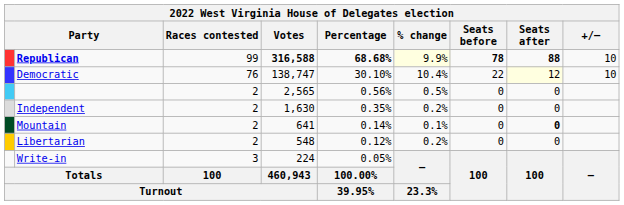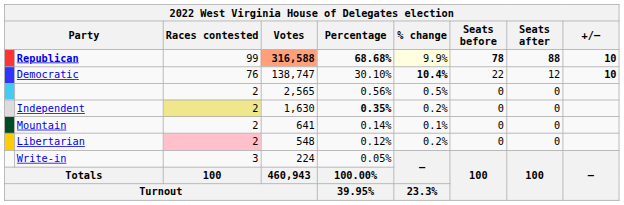 <table class="wikitable">
 <tr>
 <th colspan="10">2022 West Virginia House of Delegates election</th>
 </tr>
 <tr align="center">
 <th colspan="2" style="width: 15em">Party</th>
 <th>Races contested</th>
 <th style="width: 5em">Votes</th>
 <th style="width: 7em">Percentage</th>
 <th style="width: 5em">% change</th>
 <th style="width: 5em">Seats<br>before</th>
 <th style="width: 5em">Seats<br>after</th>
 <th style="width: 5em">+/–</th>
 </tr>
 <tr>
 <th style="background-color:#FF3333; width: 3px"></th>
 <td style="width: 130px"><a href='#'><strong>Republican</strong></a></td>
 <td align="right">99</td>
-<td align="right"><strong>316,588</strong></td>
+<td align="right" style="background: lightsalmon;"><strong>316,588</strong></td>
 <td align="right"><strong>68.68%</strong></td>
 <td align="right" style="background: lightyellow;"> 9.9%</td>
 <td align="right"><strong>78</strong></td>
 <td align="right"><strong>88</strong></td>
-<td align="right"> 10</td>
+<td align="right"><strong> 10</strong></td>
 </tr>
 <tr>
 <th style="background-color:#3333FF; width: 3px"></th>
 <td style="width: 130px"><a href='#'>Democratic</a></td>
 <td align="right">76</td>
 <td align="right">138,747</td>
 <td align="right">30.10%</td>
-<td align="right"> 10.4%</td>
+<td align="right"><strong> 10.4%</strong></td>
 <td align="right">22</td>
-<td align="right" style="background: lightyellow;">12</td>
-<td align="right"> 10</td>
+<td align="right">12</td>
+<td align="right"><strong> 10</strong></td>
 </tr>
 <tr>
 <th style="background-color:#42cbf5; width: 3px"></th>
 <td></td>
 <td align="right">2</td>
 <td align="right">2,565</td>
 <td align="right">0.56%</td>
 <td align="right"> 0.5%</td>
 <td align="right">0</td>
 <td align="right">0</td>
 <td align="right"></td>
 </tr>
 <tr>
 <th style="background-color:#DCDCDC; width: 3px"></th>
 <td><a href='#'>Independent</a></td>
-<td align="right">2</td>
+<td align="right" style="background: khaki;">2</td>
 <td align="right">1,630</td>
-<td align="right">0.35%</td>
+<td align="right"><strong>0.35%</strong></td>
 <td align="right"> 0.2%</td>
 <td align="right">0</td>
 <td align="right">0</td>
 <td align="right"></td>
 </tr>
 <tr>
 <th style="background-color:#004b24; width: 3px"></th>
 <td><a href='#'>Mountain</a></td>
 <td align="right">2</td>
 <td align="right">641</td>
 <td align="right">0.14%</td>
 <td align="right"> 0.1%</td>
 <td align="right">0</td>
-<td align="right"><strong>0</strong></td>
+<td align="right">0</td>
 <td align="right"></td>
 </tr>
 <tr>
 <th style="background-color:#FC0; width: 3px"></th>
 <td><a href='#'>Libertarian</a></td>
-<td align="right">2</td>
+<td align="right" style="background: pink;">2</td>
 <td align="right">548</td>
 <td align="right">0.12%</td>
 <td align="right"> 0.2%</td>
 <td align="right">0</td>
 <td align="right">0</td>
 <td align="right"></td>
 </tr>
 <tr>
 <td></td>
 <td><a href='#'>Write-in</a></td>
 <td align="right">3</td>
 <td align="right">224</td>
 <td align="right">0.05%</td>
 <th rowspan="2">—</th>
 <th rowspan="3">100</th>
 <th rowspan="3">100</th>
 <th rowspan="3">—</th>
 </tr>
 <tr>
 <th colspan="2" align="right">Totals</th>
 <th align="right">100</th>
 <th align="right">460,943</th>
 <th align="right">100.00%</th>
 </tr>
 <tr>
 <th colspan="4">Turnout</th>
 <th>39.95%</th>
 <th> 23.3%</th>
 </tr>
 </table>
